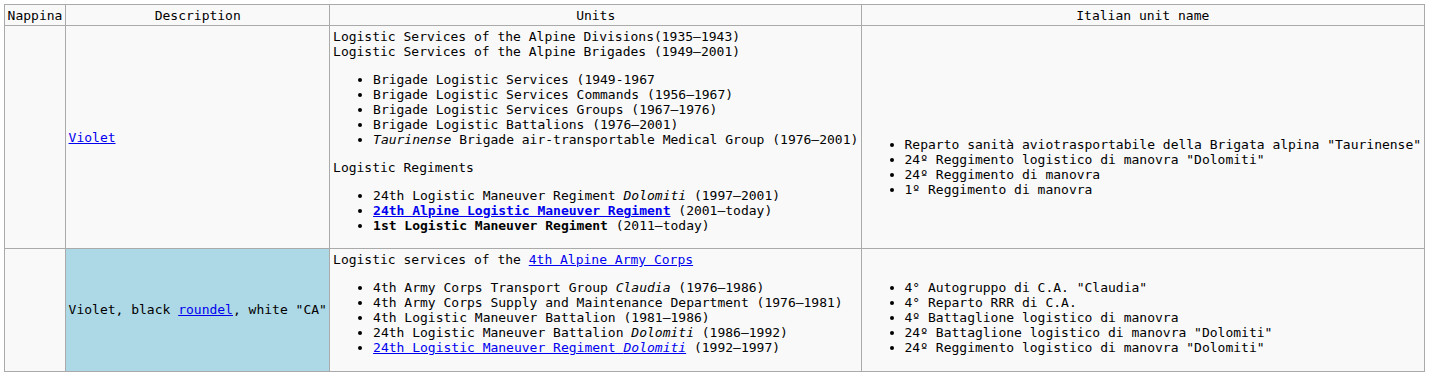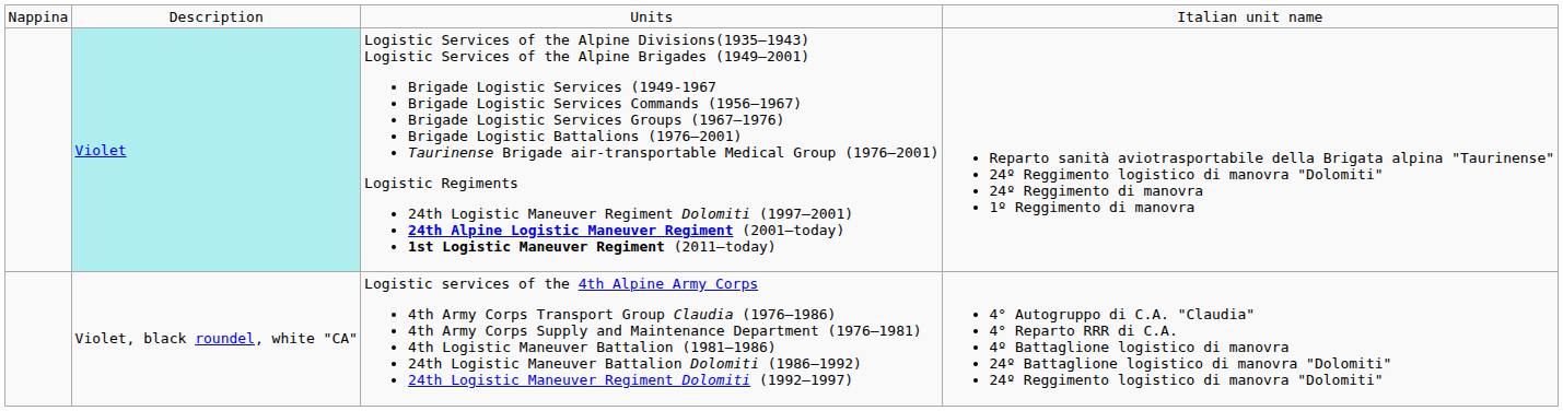 <table class="wikitable">
 <tr style="text-align:center;">
 <td>Nappina</td>
 <td>Description</td>
 <td>Units</td>
 <td>Italian unit name</td>
 </tr>
 <tr>
 <td></td>
-<td><a href='#'>Violet</a></td>
+<td style="background: paleturquoise;"><a href='#'>Violet</a></td>
 <td>Logistic Services of the Alpine Divisions(1935–1943)<br>Logistic Services of the Alpine Brigades (1949–2001)<ul><li>Brigade Logistic Services (1949-1967</li><li>Brigade Logistic Services Commands (1956–1967)</li><li>Brigade Logistic Services Groups (1967–1976)</li><li>Brigade Logistic Battalions (1976–2001)</li><li><em>Taurinense</em> Brigade air-transportable Medical Group (1976–2001)</li></ul>Logistic Regiments<ul><li>24th Logistic Maneuver Regiment <em>Dolomiti</em> (1997–2001)</li><li><strong><a href='#'>24th Alpine Logistic Maneuver Regiment</a></strong> (2001–today)</li><li><strong>1st Logistic Maneuver Regiment</strong> (2011–today)</li></ul></td>
 <td><br><br><br><br><ul><li>Reparto sanità aviotrasportabile della Brigata alpina "Taurinense"</li><li>24º Reggimento logistico di manovra "Dolomiti"</li><li>24º Reggimento di manovra</li><li>1º Reggimento di manovra</li></ul></td>
 </tr>
 <tr>
 <td></td>
-<td style="background: lightblue;">Violet, black <a href='#'>roundel</a>, white "CA"</td>
+<td>Violet, black <a href='#'>roundel</a>, white "CA"</td>
 <td>Logistic services of the <a href='#'>4th Alpine Army Corps</a><br><ul><li>4th Army Corps Transport Group <em>Claudia</em> (1976–1986)</li><li>4th Army Corps Supply and Maintenance Department (1976–1981)</li><li>4th Logistic Maneuver Battalion (1981–1986)</li><li>24th Logistic Maneuver Battalion <em>Dolomiti</em> (1986–1992)</li><li><a href='#'>24th Logistic Maneuver Regiment <em>Dolomiti</em></a> (1992–1997)</li></ul></td>
 <td><br><ul><li>4° Autogruppo di C.A. "Claudia"</li><li>4° Reparto RRR di C.A.</li><li>4º Battaglione logistico di manovra</li><li>24º Battaglione logistico di manovra "Dolomiti"</li><li>24º Reggimento logistico di manovra "Dolomiti"</li></ul></td>
 </tr>
 </table>
